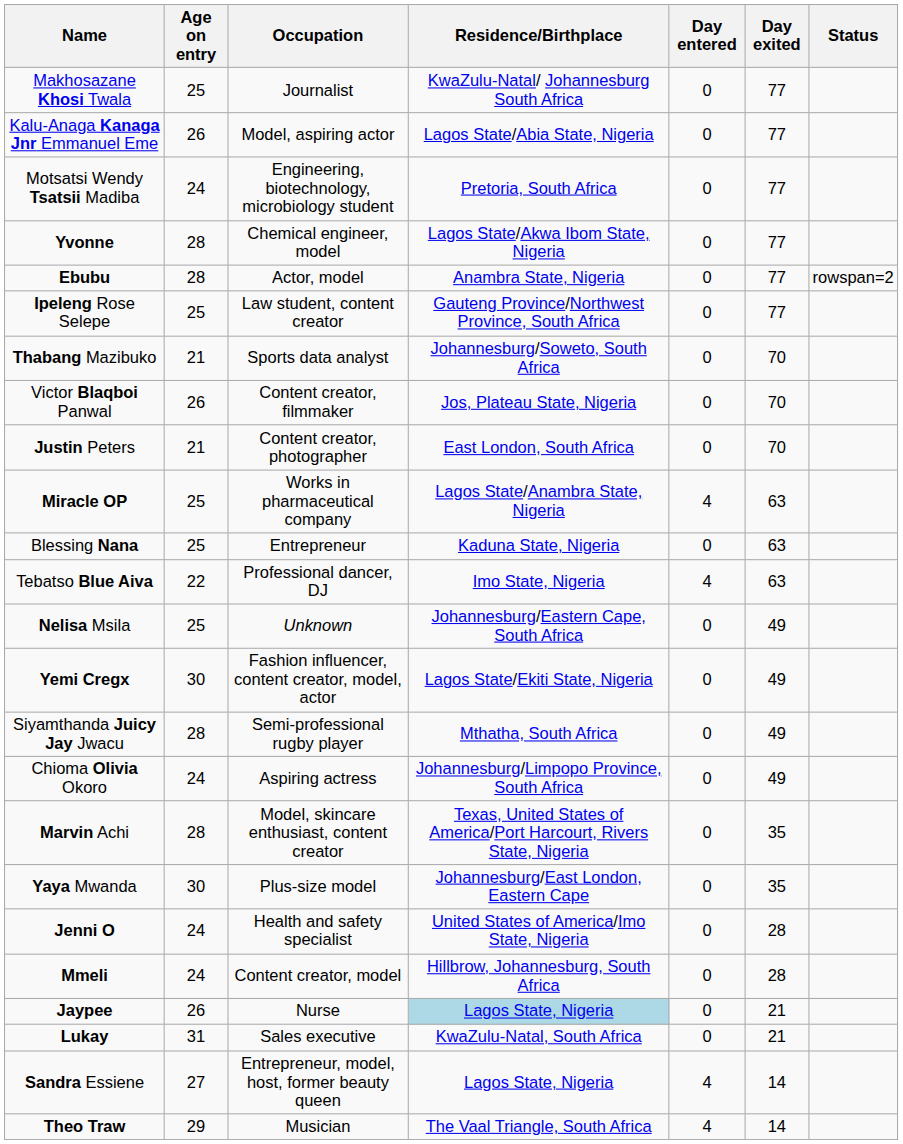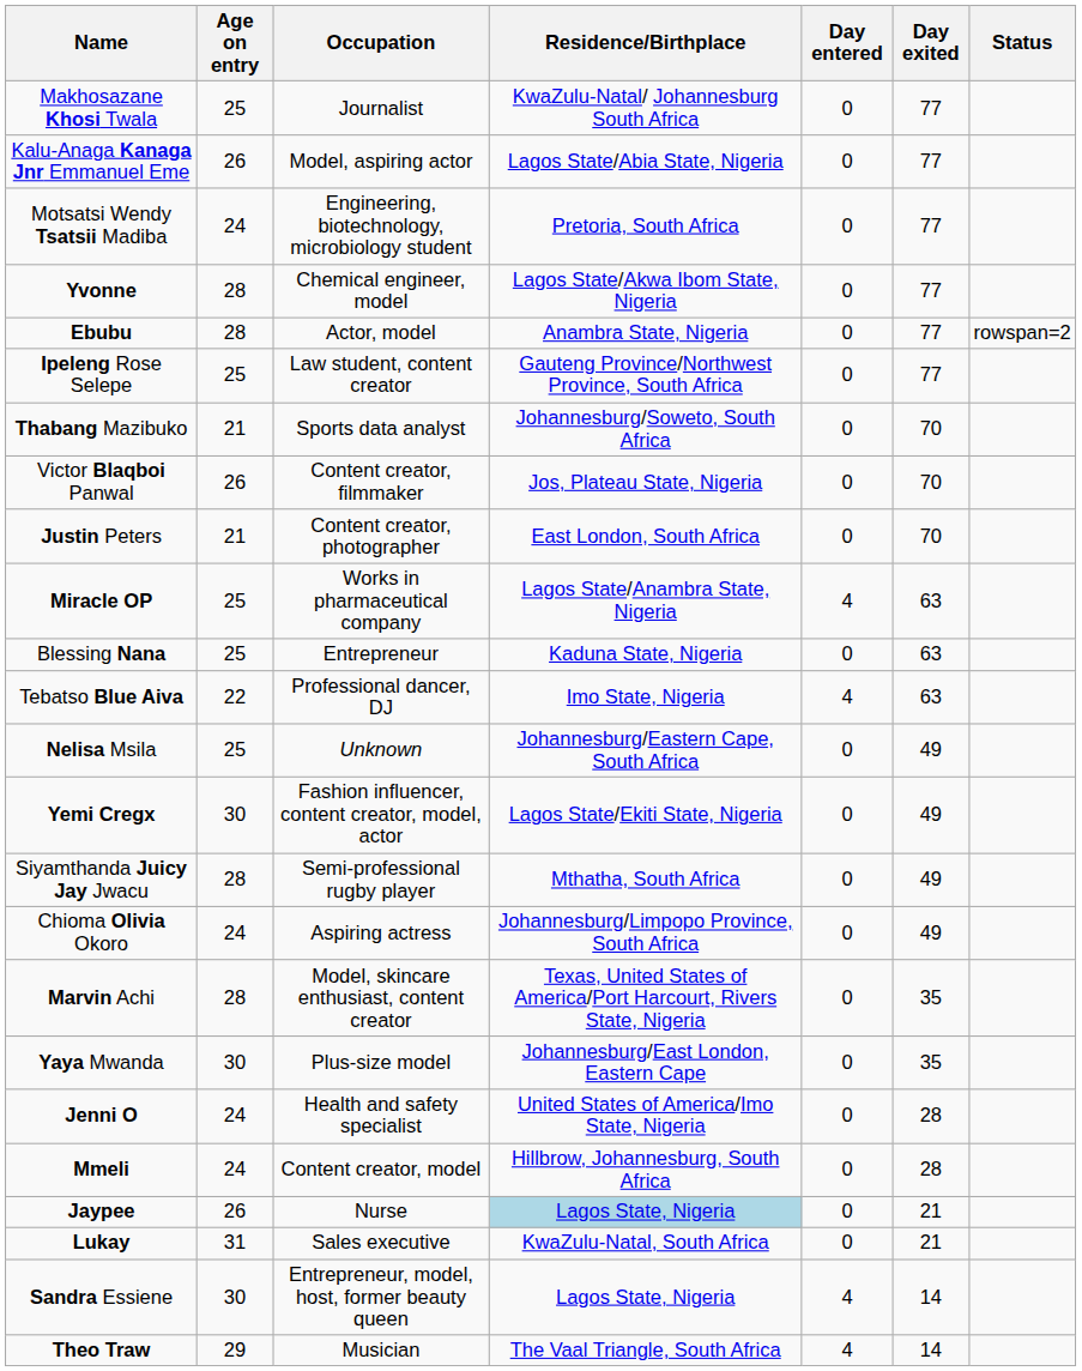 <table class="wikitable" style="text-align:center;">
 <tr>
 <th>Name</th>
 <th>Age on entry</th>
 <th>Occupation</th>
 <th>Residence/Birthplace</th>
 <th>Day entered</th>
 <th>Day exited</th>
 <th>Status</th>
 </tr>
 <tr>
 <td><a href='#'>Makhosazane <strong>Khosi</strong> Twala</a></td>
 <td>25</td>
 <td>Journalist</td>
 <td><a href='#'>KwaZulu-Natal</a>/ <a href='#'>Johannesburg</a><br><a href='#'>South Africa</a></td>
 <td>0</td>
 <td>77</td>
 <td></td>
 </tr>
 <tr>
 <td><a href='#'>Kalu-Anaga <strong>Kanaga Jnr</strong> Emmanuel Eme</a></td>
 <td>26</td>
 <td>Model, aspiring actor</td>
 <td><a href='#'>Lagos State</a>/<a href='#'>Abia State, Nigeria</a></td>
 <td>0</td>
 <td>77</td>
 <td></td>
 </tr>
 <tr>
 <td>Motsatsi Wendy <strong>Tsatsii</strong> Madiba</td>
 <td>24</td>
 <td>Engineering, biotechnology, microbiology student</td>
 <td><a href='#'>Pretoria, South Africa</a></td>
 <td>0</td>
 <td>77</td>
 <td></td>
 </tr>
 <tr>
 <td><strong>Yvonne</strong></td>
 <td>28</td>
 <td>Chemical engineer, model</td>
 <td><a href='#'>Lagos State</a>/<a href='#'>Akwa Ibom State, Nigeria</a></td>
 <td>0</td>
 <td>77</td>
 <td></td>
 </tr>
 <tr>
 <td><strong>Ebubu</strong></td>
 <td>28</td>
 <td>Actor, model</td>
 <td><a href='#'>Anambra State, Nigeria</a></td>
 <td>0</td>
 <td>77</td>
 <td>rowspan=2 </td>
 </tr>
 <tr>
 <td><strong>Ipeleng</strong> Rose Selepe</td>
 <td>25</td>
 <td>Law student, content creator</td>
 <td><a href='#'>Gauteng Province</a>/<a href='#'>Northwest Province, South Africa</a></td>
 <td>0</td>
 <td>77</td>
 </tr>
 <tr>
 <td><strong>Thabang</strong> Mazibuko</td>
 <td>21</td>
 <td>Sports data analyst</td>
 <td><a href='#'>Johannesburg</a>/<a href='#'>Soweto, South Africa</a></td>
 <td>0</td>
 <td>70</td>
 <td></td>
 </tr>
 <tr>
 <td>Victor <strong>Blaqboi</strong> Panwal</td>
 <td>26</td>
 <td>Content creator, filmmaker</td>
 <td><a href='#'>Jos, Plateau State, Nigeria</a></td>
 <td>0</td>
 <td>70</td>
 <td></td>
 </tr>
 <tr>
 <td><strong>Justin</strong> Peters</td>
 <td>21</td>
 <td>Content creator, photographer</td>
 <td><a href='#'>East London, South Africa</a></td>
 <td>0</td>
 <td>70</td>
 <td></td>
 </tr>
 <tr>
 <td><strong>Miracle OP</strong></td>
 <td>25</td>
 <td>Works in pharmaceutical company</td>
 <td><a href='#'>Lagos State</a>/<a href='#'>Anambra State, Nigeria</a></td>
 <td>4</td>
 <td>63</td>
 <td></td>
 </tr>
 <tr>
 <td>Blessing <strong>Nana</strong></td>
 <td>25</td>
 <td>Entrepreneur</td>
 <td><a href='#'>Kaduna State, Nigeria</a></td>
 <td>0</td>
 <td>63</td>
 <td></td>
 </tr>
 <tr>
 <td>Tebatso <strong>Blue Aiva</strong></td>
 <td>22</td>
 <td>Professional dancer, DJ</td>
 <td><a href='#'>Imo State, Nigeria</a></td>
 <td>4</td>
 <td>63</td>
 <td></td>
 </tr>
 <tr>
 <td><strong>Nelisa</strong> Msila</td>
 <td>25</td>
 <td><em>Unknown</em></td>
 <td><a href='#'>Johannesburg</a>/<a href='#'>Eastern Cape, South Africa</a></td>
 <td>0</td>
 <td>49</td>
 <td></td>
 </tr>
 <tr>
 <td><strong>Yemi Cregx</strong></td>
 <td>30</td>
 <td>Fashion influencer, content creator, model, actor</td>
 <td><a href='#'>Lagos State</a>/<a href='#'>Ekiti State, Nigeria</a></td>
 <td>0</td>
 <td>49</td>
 <td></td>
 </tr>
 <tr>
 <td>Siyamthanda <strong>Juicy Jay</strong> Jwacu</td>
 <td>28</td>
 <td>Semi-professional rugby player</td>
 <td><a href='#'>Mthatha, South Africa</a></td>
 <td>0</td>
 <td>49</td>
 <td></td>
 </tr>
 <tr>
 <td>Chioma <strong>Olivia</strong> Okoro</td>
 <td>24</td>
 <td>Aspiring actress</td>
 <td><a href='#'>Johannesburg</a>/<a href='#'>Limpopo Province, South Africa</a></td>
 <td>0</td>
 <td>49</td>
 <td></td>
 </tr>
 <tr>
 <td><strong>Marvin</strong> Achi</td>
 <td>28</td>
 <td>Model, skincare enthusiast, content creator</td>
 <td><a href='#'>Texas, United States of America</a>/<a href='#'>Port Harcourt, Rivers State, Nigeria</a></td>
 <td>0</td>
 <td>35</td>
 <td></td>
 </tr>
 <tr>
 <td><strong>Yaya</strong> Mwanda</td>
 <td>30</td>
 <td>Plus-size model</td>
 <td><a href='#'>Johannesburg</a>/<a href='#'>East London, Eastern Cape</a></td>
 <td>0</td>
 <td>35</td>
 <td></td>
 </tr>
 <tr>
 <td><strong>Jenni O</strong></td>
 <td>24</td>
 <td>Health and safety specialist</td>
 <td><a href='#'>United States of America</a>/<a href='#'>Imo State, Nigeria</a></td>
 <td>0</td>
 <td>28</td>
 <td></td>
 </tr>
 <tr>
 <td><strong>Mmeli</strong></td>
 <td>24</td>
 <td>Content creator, model</td>
 <td><a href='#'>Hillbrow, Johannesburg, South Africa</a></td>
 <td>0</td>
 <td>28</td>
 <td></td>
 </tr>
 <tr>
 <td><strong>Jaypee</strong></td>
 <td>26</td>
 <td>Nurse</td>
 <td style="background: lightblue;"><a href='#'>Lagos State, Nigeria</a></td>
 <td>0</td>
 <td>21</td>
 <td></td>
 </tr>
 <tr>
 <td><strong>Lukay</strong></td>
 <td>31</td>
 <td>Sales executive</td>
 <td><a href='#'>KwaZulu-Natal, South Africa</a></td>
 <td>0</td>
 <td>21</td>
 <td></td>
 </tr>
 <tr>
 <td><strong>Sandra</strong> Essiene</td>
-<td>27</td>
+<td>30</td>
 <td>Entrepreneur, model, host, former beauty queen</td>
 <td><a href='#'>Lagos State, Nigeria</a></td>
 <td>4</td>
 <td>14</td>
 <td></td>
 </tr>
 <tr>
 <td><strong>Theo Traw</strong></td>
 <td>29</td>
 <td>Musician</td>
 <td><a href='#'>The Vaal Triangle, South Africa</a></td>
 <td>4</td>
 <td>14</td>
 <td></td>
 </tr>
 </table>
